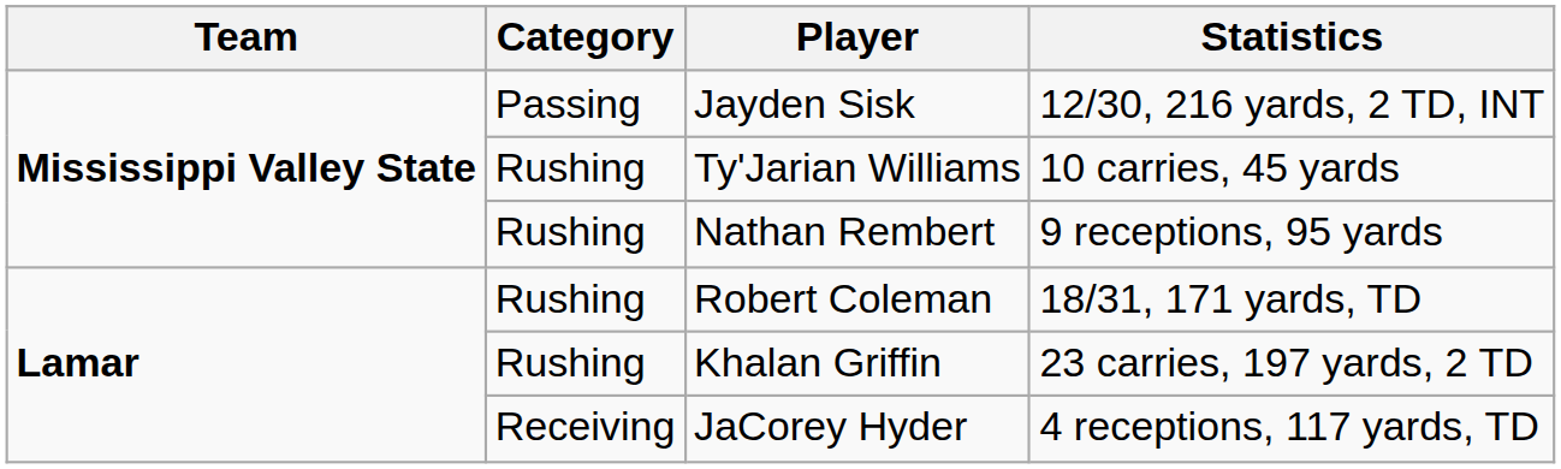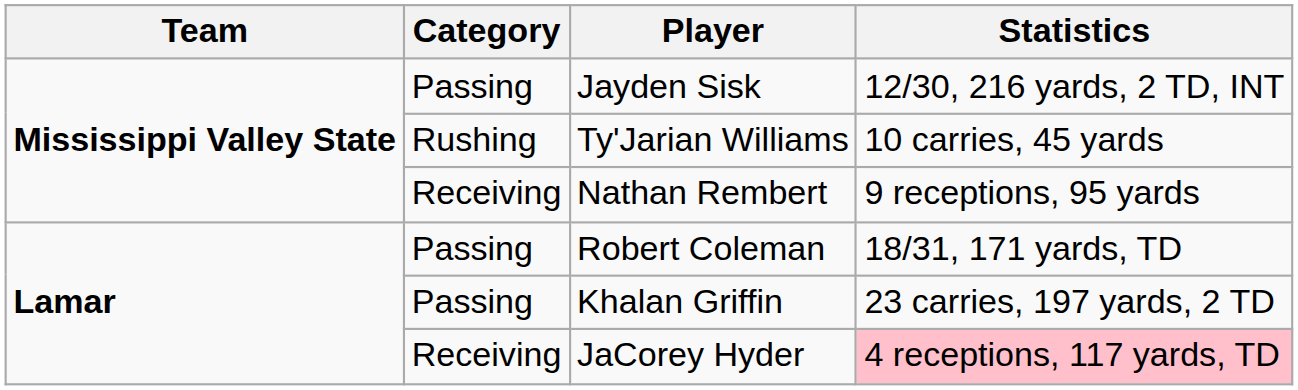 <table class="wikitable" style="float: right;">
 <tr>
 <th>Team</th>
 <th>Category</th>
 <th>Player</th>
 <th>Statistics</th>
 </tr>
 <tr>
 <td rowspan=3><strong>Mississippi Valley State</strong></td>
 <td>Passing</td>
 <td>Jayden Sisk</td>
 <td>12/30, 216 yards, 2 TD, INT</td>
 </tr>
 <tr>
 <td>Rushing</td>
 <td>Ty'Jarian Williams</td>
 <td>10 carries, 45 yards</td>
 </tr>
 <tr>
-<td>Rushing</td>
+<td>Receiving</td>
 <td>Nathan Rembert</td>
 <td>9 receptions, 95 yards</td>
 </tr>
 <tr>
 <td rowspan=3><strong>Lamar</strong></td>
-<td>Rushing</td>
+<td>Passing</td>
 <td>Robert Coleman</td>
 <td>18/31, 171 yards, TD</td>
 </tr>
 <tr>
-<td>Rushing</td>
+<td>Passing</td>
 <td>Khalan Griffin</td>
 <td>23 carries, 197 yards, 2 TD</td>
 </tr>
 <tr>
 <td>Receiving</td>
 <td>JaCorey Hyder</td>
-<td>4 receptions, 117 yards, TD</td>
+<td style="background: pink;">4 receptions, 117 yards, TD</td>
 </tr>
 </table>
